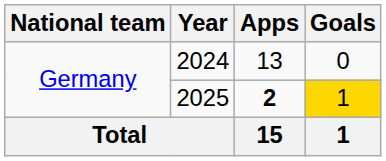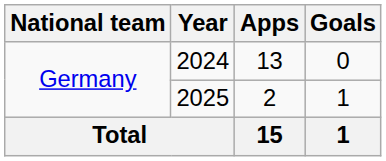 <table class="wikitable" style="text-align:center">
 <tr>
 <th>National team</th>
 <th>Year</th>
 <th>Apps</th>
 <th>Goals</th>
 </tr>
 <tr>
 <td rowspan=2><a href='#'>Germany</a></td>
 <td>2024</td>
 <td>13</td>
 <td>0</td>
 </tr>
 <tr>
 <td>2025</td>
-<td><strong>2</strong></td>
-<td style="background: gold;">1</td>
+<td>2</td>
+<td>1</td>
 </tr>
 <tr>
 <th colspan="2">Total</th>
 <th>15</th>
 <th>1</th>
 </tr>
 </table>
